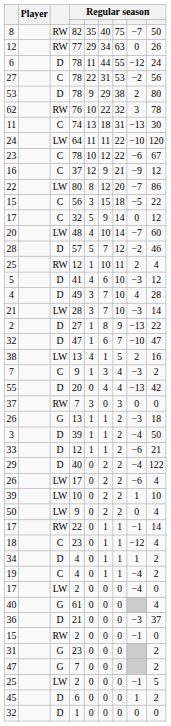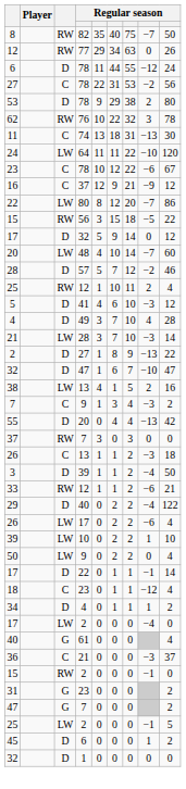 <table class="wikitable sortable plainrowheaders" style="text-align:center;">
 <tr>
 <th scope="col" data-sort-type="number" rowspan="2"></th>
 <th scope="col" rowspan="2">Player</th>
 <th scope="col" rowspan="2"></th>
 <th scope=colgroup colspan=6>Regular season</th>
 </tr>
 <tr>
 <th scope="col" data-sort-type="number"></th>
 <th scope="col" data-sort-type="number"></th>
 <th scope="col" data-sort-type="number"></th>
 <th scope="col" data-sort-type="number"></th>
 <th scope="col" data-sort-type="number"></th>
 <th scope="col" data-sort-type="number"></th>
 </tr>
 <tr>
 <td scope="row">8</td>
 <td align="left"></td>
 <td>RW</td>
 <td>82</td>
 <td>35</td>
 <td>40</td>
 <td>75</td>
 <td>−7</td>
 <td>50</td>
 </tr>
 <tr>
 <td scope="row">12</td>
 <td align="left"></td>
 <td>RW</td>
 <td>77</td>
 <td>29</td>
 <td>34</td>
 <td>63</td>
 <td>0</td>
 <td>26</td>
 </tr>
 <tr>
 <td scope="row">6</td>
 <td align="left"></td>
 <td>D</td>
 <td>78</td>
 <td>11</td>
 <td>44</td>
 <td>55</td>
 <td>−12</td>
 <td>24</td>
 </tr>
 <tr>
 <td scope="row">27</td>
 <td align="left"></td>
 <td>C</td>
 <td>78</td>
 <td>22</td>
 <td>31</td>
 <td>53</td>
 <td>−2</td>
 <td>56</td>
 </tr>
 <tr>
 <td scope="row">53</td>
 <td align="left"></td>
 <td>D</td>
 <td>78</td>
 <td>9</td>
 <td>29</td>
 <td>38</td>
 <td>2</td>
 <td>80</td>
 </tr>
 <tr>
 <td scope="row">62</td>
 <td align="left"></td>
 <td>RW</td>
 <td>76</td>
 <td>10</td>
 <td>22</td>
 <td>32</td>
 <td>3</td>
 <td>78</td>
 </tr>
 <tr>
 <td scope="row">11</td>
 <td align="left"></td>
 <td>C</td>
 <td>74</td>
 <td>13</td>
 <td>18</td>
 <td>31</td>
 <td>−13</td>
 <td>30</td>
 </tr>
 <tr>
 <td scope="row">24</td>
 <td align="left"></td>
 <td>LW</td>
 <td>64</td>
 <td>11</td>
 <td>11</td>
 <td>22</td>
 <td>−10</td>
 <td>120</td>
 </tr>
 <tr>
 <td scope="row">23</td>
 <td align="left"></td>
 <td>C</td>
 <td>78</td>
 <td>10</td>
 <td>12</td>
 <td>22</td>
 <td>−6</td>
 <td>67</td>
 </tr>
 <tr>
 <td scope="row">16</td>
 <td align="left"></td>
 <td>C</td>
 <td>37</td>
 <td>12</td>
 <td>9</td>
 <td>21</td>
 <td>−9</td>
 <td>12</td>
 </tr>
 <tr>
 <td scope="row">22</td>
 <td align="left"></td>
 <td>LW</td>
 <td>80</td>
 <td>8</td>
 <td>12</td>
 <td>20</td>
 <td>−7</td>
 <td>86</td>
 </tr>
 <tr>
 <td scope="row">15</td>
 <td align="left"></td>
-<td>C</td>
+<td>RW</td>
 <td>56</td>
 <td>3</td>
 <td>15</td>
 <td>18</td>
 <td>−5</td>
 <td>22</td>
 </tr>
 <tr>
 <td scope="row">17</td>
 <td align="left"></td>
-<td>C</td>
+<td>D</td>
 <td>32</td>
 <td>5</td>
 <td>9</td>
 <td>14</td>
 <td>0</td>
 <td>12</td>
 </tr>
 <tr>
 <td scope="row">20</td>
 <td align="left"></td>
 <td>LW</td>
 <td>48</td>
 <td>4</td>
 <td>10</td>
 <td>14</td>
 <td>−7</td>
 <td>60</td>
 </tr>
 <tr>
 <td scope="row">28</td>
 <td align="left"></td>
 <td>D</td>
 <td>57</td>
 <td>5</td>
 <td>7</td>
 <td>12</td>
 <td>−2</td>
 <td>46</td>
 </tr>
 <tr>
 <td scope="row">25</td>
 <td align="left"></td>
 <td>RW</td>
 <td>12</td>
 <td>1</td>
 <td>10</td>
 <td>11</td>
 <td>2</td>
 <td>4</td>
 </tr>
 <tr>
 <td scope="row">5</td>
 <td align="left"></td>
 <td>D</td>
 <td>41</td>
 <td>4</td>
 <td>6</td>
 <td>10</td>
 <td>−3</td>
 <td>12</td>
 </tr>
 <tr>
 <td scope="row">4</td>
 <td align="left"></td>
 <td>D</td>
 <td>49</td>
 <td>3</td>
 <td>7</td>
 <td>10</td>
 <td>4</td>
 <td>28</td>
 </tr>
 <tr>
 <td scope="row">21</td>
 <td align="left"></td>
 <td>LW</td>
 <td>28</td>
 <td>3</td>
 <td>7</td>
 <td>10</td>
 <td>−3</td>
 <td>14</td>
 </tr>
 <tr>
 <td scope="row">2</td>
 <td align="left"></td>
 <td>D</td>
 <td>27</td>
 <td>1</td>
 <td>8</td>
 <td>9</td>
 <td>−13</td>
 <td>22</td>
 </tr>
 <tr>
 <td scope="row">32</td>
 <td align="left"></td>
 <td>D</td>
 <td>47</td>
 <td>1</td>
 <td>6</td>
 <td>7</td>
 <td>−10</td>
 <td>47</td>
 </tr>
 <tr>
 <td scope="row">38</td>
 <td align="left"></td>
 <td>LW</td>
 <td>13</td>
 <td>4</td>
 <td>1</td>
 <td>5</td>
 <td>2</td>
 <td>16</td>
 </tr>
 <tr>
 <td scope="row">7</td>
 <td align="left"></td>
 <td>C</td>
 <td>9</td>
 <td>1</td>
 <td>3</td>
 <td>4</td>
 <td>−3</td>
 <td>2</td>
 </tr>
 <tr>
 <td scope="row">55</td>
 <td align="left"></td>
 <td>D</td>
 <td>20</td>
 <td>0</td>
 <td>4</td>
 <td>4</td>
 <td>−13</td>
 <td>42</td>
 </tr>
 <tr>
 <td scope="row">37</td>
 <td align="left"></td>
 <td>RW</td>
 <td>7</td>
 <td>3</td>
 <td>0</td>
 <td>3</td>
 <td>0</td>
 <td>0</td>
 </tr>
 <tr>
 <td scope="row">26</td>
 <td align="left"></td>
-<td>G</td>
+<td>C</td>
 <td>13</td>
 <td>1</td>
 <td>1</td>
 <td>2</td>
 <td>−3</td>
 <td>18</td>
 </tr>
 <tr>
 <td scope="row">3</td>
 <td align="left"></td>
 <td>D</td>
 <td>39</td>
 <td>1</td>
 <td>1</td>
 <td>2</td>
 <td>−4</td>
 <td>50</td>
 </tr>
 <tr>
 <td scope="row">33</td>
 <td align="left"></td>
-<td>D</td>
+<td>RW</td>
 <td>12</td>
 <td>1</td>
 <td>1</td>
 <td>2</td>
 <td>−6</td>
 <td>21</td>
 </tr>
 <tr>
 <td scope="row">29</td>
 <td align="left"></td>
 <td>D</td>
 <td>40</td>
 <td>0</td>
 <td>2</td>
 <td>2</td>
 <td>−4</td>
 <td>122</td>
 </tr>
 <tr>
 <td scope="row">26</td>
 <td align="left"></td>
 <td>LW</td>
 <td>17</td>
 <td>0</td>
 <td>2</td>
 <td>2</td>
 <td>−6</td>
 <td>4</td>
 </tr>
 <tr>
 <td scope="row">39</td>
 <td align="left"></td>
 <td>LW</td>
 <td>10</td>
 <td>0</td>
 <td>2</td>
 <td>2</td>
 <td>1</td>
 <td>10</td>
 </tr>
 <tr>
 <td scope="row">50</td>
 <td align="left"></td>
 <td>LW</td>
 <td>9</td>
 <td>0</td>
 <td>2</td>
 <td>2</td>
 <td>0</td>
 <td>4</td>
 </tr>
 <tr>
 <td scope="row">17</td>
 <td align="left"></td>
-<td>RW</td>
+<td>D</td>
 <td>22</td>
 <td>0</td>
 <td>1</td>
 <td>1</td>
 <td>−1</td>
 <td>14</td>
 </tr>
 <tr>
 <td scope="row">18</td>
 <td align="left"></td>
 <td>C</td>
 <td>23</td>
 <td>0</td>
 <td>1</td>
 <td>1</td>
 <td>−12</td>
 <td>4</td>
 </tr>
 <tr>
 <td scope="row">34</td>
 <td align="left"></td>
 <td>D</td>
 <td>4</td>
 <td>0</td>
 <td>1</td>
 <td>1</td>
 <td>1</td>
 <td>2</td>
 </tr>
 <tr>
-<td scope="row">19</td>
-<td align="left"></td>
-<td>C</td>
-<td>4</td>
-<td>0</td>
-<td>1</td>
-<td>1</td>
-<td>−4</td>
-<td>2</td>
-</tr>
-<tr>
 <td scope="row">17</td>
 <td align="left"></td>
 <td>LW</td>
 <td>2</td>
 <td>0</td>
 <td>0</td>
 <td>0</td>
 <td>−4</td>
 <td>0</td>
 </tr>
 <tr>
 <td scope="row">40</td>
 <td align="left"></td>
 <td>G</td>
 <td>61</td>
 <td>0</td>
 <td>0</td>
 <td>0</td>
 <td style="background:#ccc"></td>
 <td>4</td>
 </tr>
 <tr>
 <td scope="row">36</td>
 <td align="left"></td>
-<td>D</td>
+<td>C</td>
 <td>21</td>
 <td>0</td>
 <td>0</td>
 <td>0</td>
 <td>−3</td>
 <td>37</td>
 </tr>
 <tr>
 <td scope="row">15</td>
 <td align="left"></td>
 <td>RW</td>
 <td>2</td>
 <td>0</td>
 <td>0</td>
 <td>0</td>
 <td>−1</td>
 <td>0</td>
 </tr>
 <tr>
 <td scope="row">31</td>
 <td align="left"></td>
 <td>G</td>
 <td>23</td>
 <td>0</td>
 <td>0</td>
 <td>0</td>
 <td style="background:#ccc"></td>
 <td>2</td>
 </tr>
 <tr>
 <td scope="row">47</td>
 <td align="left"></td>
 <td>G</td>
 <td>7</td>
 <td>0</td>
 <td>0</td>
 <td>0</td>
 <td style="background:#ccc"></td>
 <td>2</td>
 </tr>
 <tr>
 <td scope="row">25</td>
 <td align="left"></td>
 <td>LW</td>
 <td>2</td>
 <td>0</td>
 <td>0</td>
 <td>0</td>
 <td>−1</td>
 <td>5</td>
 </tr>
 <tr>
 <td scope="row">45</td>
 <td align="left"></td>
 <td>D</td>
 <td>6</td>
 <td>0</td>
 <td>0</td>
 <td>0</td>
 <td>1</td>
 <td>2</td>
 </tr>
 <tr>
 <td scope="row">32</td>
 <td align="left"></td>
 <td>D</td>
 <td>1</td>
 <td>0</td>
 <td>0</td>
 <td>0</td>
 <td>0</td>
 <td>0</td>
 </tr>
 </table>
